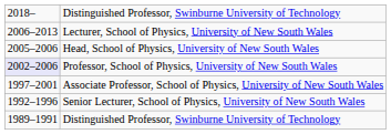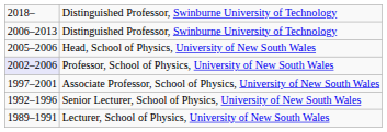 <table class="wikitable">
 <tr>
 <td>2018–</td>
 <td>Distinguished Professor, <a href='#'>Swinburne University of Technology</a></td>
 </tr>
 <tr>
 <td>2006–2013</td>
-<td>Lecturer, School of Physics, <a href='#'>University of New South Wales</a></td>
+<td>Distinguished Professor, <a href='#'>Swinburne University of Technology</a></td>
 </tr>
 <tr>
 <td>2005–2006</td>
 <td>Head, School of Physics, <a href='#'>University of New South Wales</a></td>
 </tr>
 <tr>
 <td style="background: lavender;">2002–2006</td>
 <td>Professor, School of Physics, <a href='#'>University of New South Wales</a></td>
 </tr>
 <tr>
 <td>1997–2001</td>
 <td>Associate Professor, School of Physics, <a href='#'>University of New South Wales</a></td>
 </tr>
 <tr>
 <td>1992–1996</td>
 <td>Senior Lecturer, School of Physics, <a href='#'>University of New South Wales</a></td>
 </tr>
 <tr>
 <td>1989–1991</td>
-<td>Distinguished Professor, <a href='#'>Swinburne University of Technology</a></td>
+<td>Lecturer, School of Physics, <a href='#'>University of New South Wales</a></td>
 </tr>
 </table>
